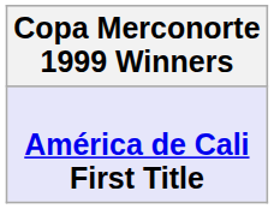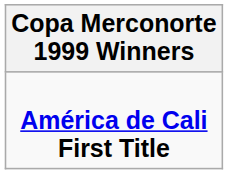 <table class="wikitable" style="text-align: center; margin: 0 auto;">
 <tr>
 <th>Copa Merconorte <br>1999 Winners</th>
 </tr>
 <tr>
-<td style="background: lavender;"><br><strong><a href='#'>América de Cali</a></strong><br><strong>First Title</strong></td>
+<td><br><strong><a href='#'>América de Cali</a></strong><br><strong>First Title</strong></td>
 </tr>
 </table>
